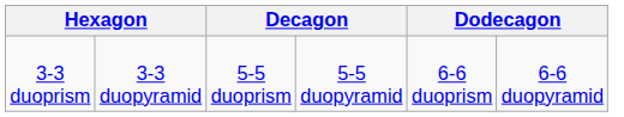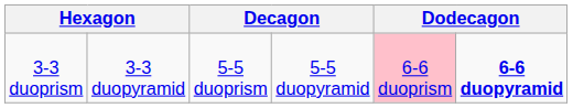 <table class=wikitable width=480>
 <tr>
 <th colspan=2><a href='#'>Hexagon</a></th>
 <th colspan=2><a href='#'>Decagon</a></th>
 <th colspan=2><a href='#'>Dodecagon</a></th>
 </tr>
 <tr align=center>
 <td><br><a href='#'>3-3 duoprism</a></td>
 <td><br><a href='#'>3-3 duopyramid</a></td>
 <td><br><a href='#'>5-5 duoprism</a></td>
 <td><br><a href='#'>5-5 duopyramid</a></td>
-<td><br><a href='#'>6-6 duoprism</a></td>
-<td><br><a href='#'>6-6 duopyramid</a></td>
+<td style="background: pink;"><br><a href='#'>6-6 duoprism</a></td>
+<td><strong><br><a href='#'>6-6 duopyramid</a></strong></td>
 </tr>
 </table>
